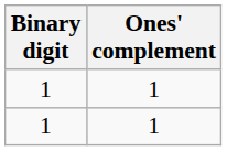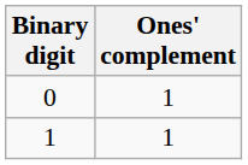 <table class="wikitable floatright">
 <tr>
 <th>Binary<br>digit</th>
 <th>Ones' <br>complement</th>
 </tr>
 <tr align="center">
-<td>1</td>
+<td>0</td>
 <td>1</td>
 </tr>
 <tr align="center">
 <td>1</td>
 <td>1</td>
 </tr>
 </table>
